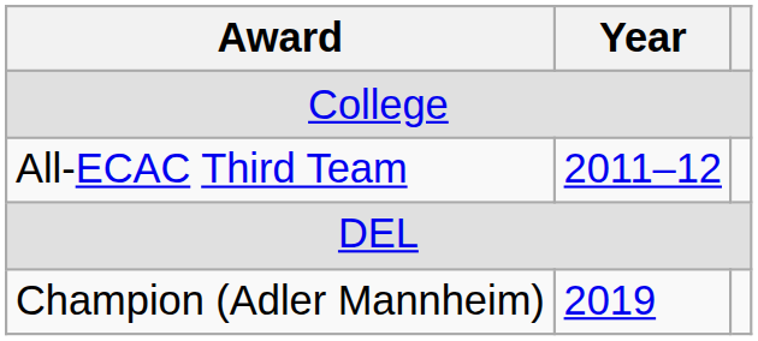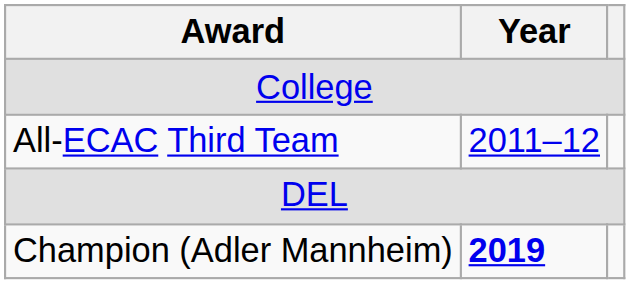 <table class="wikitable">
 <tr>
 <th>Award</th>
 <th>Year</th>
 <th></th>
 </tr>
 <tr ALIGN="center" bgcolor="#e0e0e0">
 <td colspan="3"><a href='#'>College</a></td>
 </tr>
 <tr>
 <td>All-<a href='#'>ECAC</a> <a href='#'>Third Team</a></td>
 <td><a href='#'>2011–12</a></td>
 <td></td>
 </tr>
 <tr ALIGN="center" bgcolor="#e0e0e0">
 <td colspan="3"><a href='#'>DEL</a></td>
 </tr>
 <tr>
 <td>Champion (Adler Mannheim)</td>
-<td><a href='#'>2019</a></td>
+<td><strong><a href='#'>2019</a></strong></td>
 <td></td>
 </tr>
 </table>
